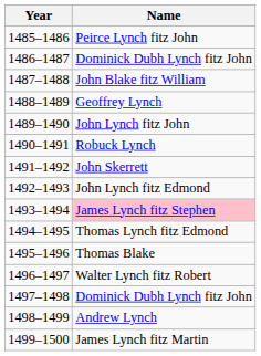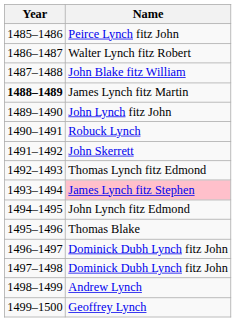 <table class="wikitable">
 <tr>
 <th>Year</th>
 <th>Name</th>
 </tr>
 <tr>
 <td>1485–1486</td>
 <td><a href='#'>Peirce Lynch</a> fitz John</td>
 </tr>
 <tr>
 <td>1486–1487</td>
-<td><a href='#'>Dominick Dubh Lynch</a> fitz John</td>
+<td>Walter Lynch fitz Robert</td>
 </tr>
 <tr>
 <td>1487–1488</td>
 <td><a href='#'>John Blake fitz William</a></td>
 </tr>
 <tr>
-<td>1488–1489</td>
-<td><a href='#'>Geoffrey Lynch</a></td>
+<td><strong>1488–1489</strong></td>
+<td>James Lynch fitz Martin</td>
 </tr>
 <tr>
 <td>1489–1490</td>
 <td><a href='#'>John Lynch</a> fitz John</td>
 </tr>
 <tr>
 <td>1490–1491</td>
 <td><a href='#'>Robuck Lynch</a></td>
 </tr>
 <tr>
 <td>1491–1492</td>
 <td><a href='#'>John Skerrett</a></td>
 </tr>
 <tr>
 <td>1492–1493</td>
-<td>John Lynch fitz Edmond</td>
+<td>Thomas Lynch fitz Edmond</td>
 </tr>
 <tr>
 <td>1493–1494</td>
 <td style="background: pink;"><a href='#'>James Lynch fitz Stephen</a></td>
 </tr>
 <tr>
 <td>1494–1495</td>
-<td>Thomas Lynch fitz Edmond</td>
+<td>John Lynch fitz Edmond</td>
 </tr>
 <tr>
 <td>1495–1496</td>
 <td>Thomas Blake</td>
 </tr>
 <tr>
 <td>1496–1497</td>
-<td>Walter Lynch fitz Robert</td>
+<td><a href='#'>Dominick Dubh Lynch</a> fitz John</td>
 </tr>
 <tr>
 <td>1497–1498</td>
 <td><a href='#'>Dominick Dubh Lynch</a> fitz John</td>
 </tr>
 <tr>
 <td>1498–1499</td>
 <td><a href='#'>Andrew Lynch</a></td>
 </tr>
 <tr>
 <td>1499–1500</td>
-<td>James Lynch fitz Martin</td>
+<td><a href='#'>Geoffrey Lynch</a></td>
 </tr>
 </table>
